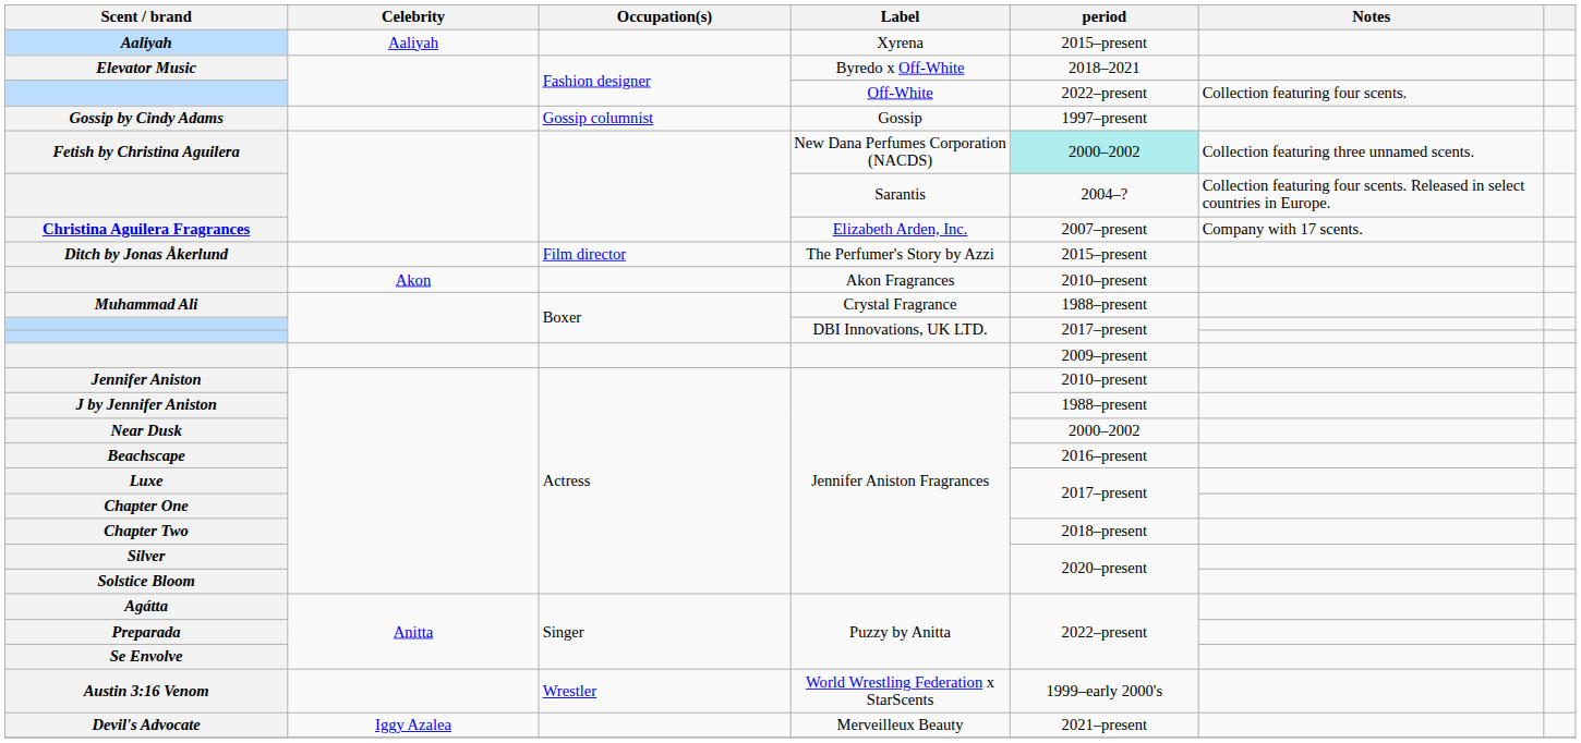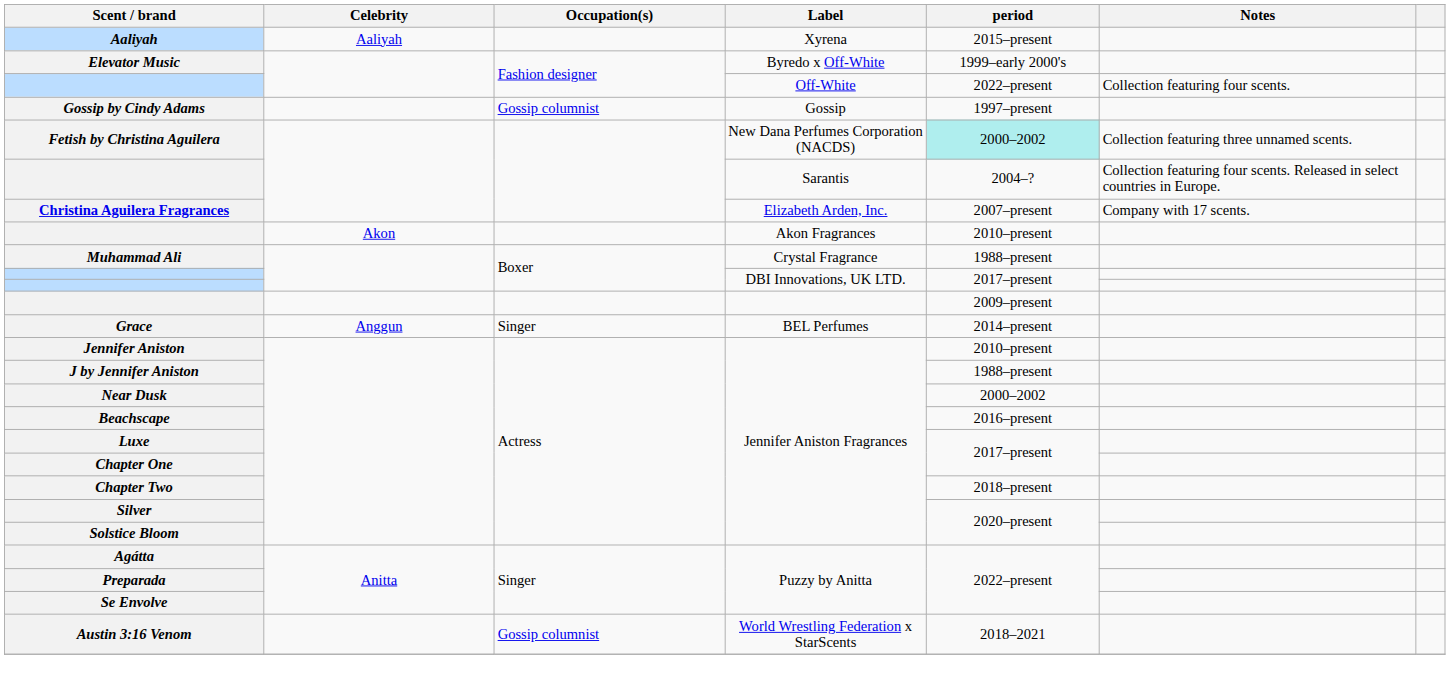 <table class="wikitable sortable plainrowheaders" font-size:95%; style="text-align:center;" width="100%;">
 <tr>
 <th scope="col" width="18%">Scent / brand</th>
 <th scope="col" width:"16%">Celebrity</th>
 <th scope="col" width="16%">Occupation(s)</th>
 <th scope="col" width="14%">Label</th>
 <th scope="col" width="12%"> period</th>
 <th scope="col" width="22%;" class="unsortable">Notes</th>
 <th scope="col" width="2%;" class="unsortable"></th>
 </tr>
 <tr>
 <th style="background:#bdf;" scope="row"><em>Aaliyah</em></th>
 <td><a href='#'>Aaliyah</a></td>
 <td style="text-align:left;"></td>
 <td>Xyrena</td>
 <td>2015–present</td>
 <td style="text-align:left;"></td>
 <td></td>
 </tr>
 <tr>
 <th scope="row"><em>Elevator Music</em></th>
 <td rowspan="2"></td>
 <td rowspan="2" style="text-align:left;"><a href='#'>Fashion designer</a></td>
 <td>Byredo x <a href='#'>Off-White</a></td>
-<td>2018–2021</td>
+<td>1999–early 2000's</td>
 <td style="text-align:left;"></td>
 <td></td>
 </tr>
 <tr>
 <th style="background:#bdf;"scope="row"></th>
 <td><a href='#'>Off-White</a></td>
 <td>2022–present</td>
 <td style="text-align:left;">Collection featuring four scents.</td>
 <td></td>
 </tr>
 <tr>
 <th scope="row"><em>Gossip by Cindy Adams</em></th>
 <td></td>
 <td style="text-align:left;"><a href='#'>Gossip columnist</a></td>
 <td>Gossip</td>
 <td>1997–present</td>
 <td style="text-align:left;"></td>
 <td></td>
 </tr>
 <tr>
 <th scope="row"><em>Fetish by Christina Aguilera</em></th>
 <td rowspan="3"></td>
 <td rowspan="3" style="text-align:left;"></td>
 <td>New Dana Perfumes Corporation (NACDS)</td>
 <td style="background: paleturquoise;">2000–2002</td>
 <td style="text-align:left;">Collection featuring three unnamed scents.</td>
 <td></td>
 </tr>
 <tr>
 <th scope="row"></th>
 <td>Sarantis</td>
 <td>2004–?</td>
 <td style="text-align:left;">Collection featuring four scents. Released in select countries in Europe.</td>
 <td></td>
 </tr>
 <tr>
 <th scope="row"><a href='#'>Christina Aguilera Fragrances</a></th>
 <td><a href='#'>Elizabeth Arden, Inc.</a></td>
 <td>2007–present</td>
 <td style="text-align:left;">Company with 17 scents.</td>
 <td></td>
 </tr>
 <tr>
-<th scope="row"><em>Ditch by Jonas Åkerlund</em></th>
-<td></td>
-<td style="text-align:left;"><a href='#'>Film director</a></td>
-<td>The Perfumer's Story by Azzi</td>
-<td>2015–present</td>
-<td style="text-align:left;"></td>
-<td></td>
-</tr>
-<tr>
 <th scope="row"></th>
 <td><a href='#'>Akon</a></td>
 <td style="text-align:left;"></td>
 <td>Akon Fragrances</td>
 <td>2010–present</td>
 <td style="text-align:left;"></td>
 <td></td>
 </tr>
 <tr>
 <th scope="row"><em>Muhammad Ali</em></th>
 <td rowspan="3"></td>
 <td rowspan="3" style="text-align:left;">Boxer</td>
 <td>Crystal Fragrance</td>
 <td>1988–present</td>
 <td style="text-align:left;"></td>
 <td></td>
 </tr>
 <tr>
 <th style="background:#bdf;" scope="row"></th>
 <td rowspan="2">DBI Innovations, UK LTD.</td>
 <td rowspan="2">2017–present</td>
 <td></td>
 <td></td>
 </tr>
 <tr>
 <th style="background:#bdf;" scope="row"></th>
 <td></td>
 <td></td>
 </tr>
 <tr>
 <th scope="row"></th>
 <td></td>
 <td></td>
 <td></td>
 <td>2009–present</td>
+<td style="text-align:left;"></td>
+<td></td>
+</tr>
+<tr>
+<th scope="row"><em>Grace</em></th>
+<td><a href='#'>Anggun</a></td>
+<td style="text-align:left;">Singer</td>
+<td>BEL Perfumes</td>
+<td>2014–present</td>
 <td style="text-align:left;"></td>
 <td></td>
 </tr>
 <tr>
 <th scope="row"><em>Jennifer Aniston</em></th>
 <td rowspan="9"></td>
 <td style="text-align:left;" rowspan="9">Actress</td>
 <td rowspan="9">Jennifer Aniston Fragrances</td>
 <td>2010–present</td>
 <td style="text-align:left;"></td>
 <td></td>
 </tr>
 <tr>
 <th scope="row"><em>J by Jennifer Aniston</em></th>
 <td>1988–present</td>
 <td style="text-align:left;"></td>
 <td></td>
 </tr>
 <tr>
 <th scope="row"><em>Near Dusk</em></th>
 <td>2000–2002</td>
 <td style="text-align:left;"></td>
 <td></td>
 </tr>
 <tr>
 <th scope="row"><em>Beachscape</em></th>
 <td>2016–present</td>
 <td style="text-align:left;"></td>
 <td></td>
 </tr>
 <tr>
 <th scope="row"><em>Luxe</em></th>
 <td rowspan="2">2017–present</td>
 <td style="text-align:left;"></td>
 <td></td>
 </tr>
 <tr>
 <th scope="row"><em>Chapter One</em></th>
 <td style="text-align:left;"></td>
 <td></td>
 </tr>
 <tr>
 <th scope="row"><em>Chapter Two</em></th>
 <td>2018–present</td>
 <td style="text-align:left;"></td>
 <td></td>
 </tr>
 <tr>
 <th scope="row"><em>Silver</em></th>
 <td rowspan="2">2020–present</td>
 <td style="text-align:left;"></td>
 <td></td>
 </tr>
 <tr>
 <th scope="row"><em>Solstice Bloom</em></th>
 <td style="text-align:left;"></td>
 <td></td>
 </tr>
 <tr>
 <th scope="row"><em>Agátta</em></th>
 <td rowspan="3"><a href='#'>Anitta</a></td>
 <td rowspan="3" style="text-align:left;">Singer</td>
 <td rowspan="3">Puzzy by Anitta</td>
 <td rowspan="3">2022–present</td>
 <td style="text-align:left;"></td>
 <td></td>
 </tr>
 <tr>
 <th scope="row"><em>Preparada</em></th>
 <td style="text-align:left;"></td>
 <td></td>
 </tr>
 <tr>
 <th scope="row"><em>Se Envolve</em></th>
 <td style="text-align:left;"></td>
 <td></td>
 </tr>
 <tr>
 <th scope="row"><em>Austin 3:16 Venom</em></th>
 <td></td>
-<td style="text-align:left;"><a href='#'>Wrestler</a></td>
+<td style="text-align:left;"><a href='#'>Gossip columnist</a></td>
 <td><a href='#'>World Wrestling Federation</a> x StarScents</td>
-<td>1999–early 2000's</td>
-<td style="text-align:left;"></td>
-<td></td>
-</tr>
-<tr>
-<th scope="row"><em>Devil's Advocate</em></th>
-<td><a href='#'>Iggy Azalea</a></td>
-<td style="text-align:left;"></td>
-<td>Merveilleux Beauty</td>
-<td>2021–present</td>
+<td>2018–2021</td>
 <td style="text-align:left;"></td>
 <td></td>
 </tr>
 <tr>
 </tr>
 </table>
